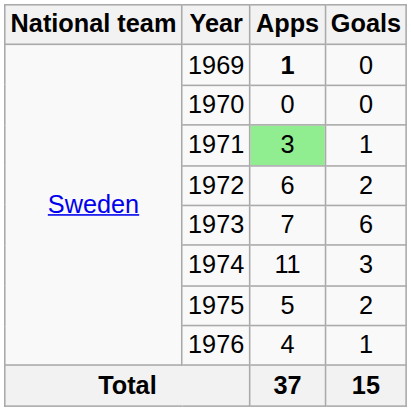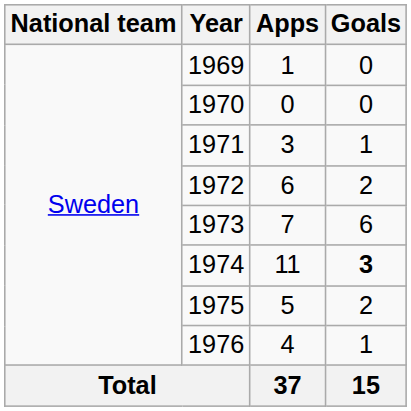 <table class="wikitable" style="text-align:center">
 <tr>
 <th>National team</th>
 <th>Year</th>
 <th>Apps</th>
 <th>Goals</th>
 </tr>
 <tr>
 <td rowspan="8"><a href='#'>Sweden</a></td>
 <td>1969</td>
-<td><strong>1</strong></td>
+<td>1</td>
 <td>0</td>
 </tr>
 <tr>
 <td>1970</td>
 <td>0</td>
 <td>0</td>
 </tr>
 <tr>
 <td>1971</td>
-<td style="background: lightgreen;">3</td>
+<td>3</td>
 <td>1</td>
 </tr>
 <tr>
 <td>1972</td>
 <td>6</td>
 <td>2</td>
 </tr>
 <tr>
 <td>1973</td>
 <td>7</td>
 <td>6</td>
 </tr>
 <tr>
 <td>1974</td>
 <td>11</td>
-<td>3</td>
+<td><strong>3</strong></td>
 </tr>
 <tr>
 <td>1975</td>
 <td>5</td>
 <td>2</td>
 </tr>
 <tr>
 <td>1976</td>
 <td>4</td>
 <td>1</td>
 </tr>
 <tr>
 <th colspan="2">Total</th>
 <th>37</th>
 <th>15</th>
 </tr>
 </table>
